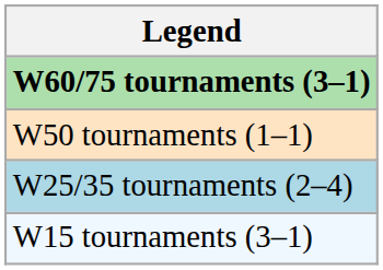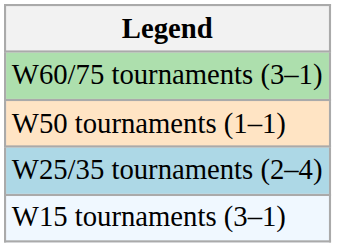 <table class=wikitable style="font-size:85%">
 <tr>
 <th>Legend</th>
 </tr>
 <tr style="background:#addfad;">
-<td><strong>W60/75 tournaments (3–1)</strong></td>
+<td>W60/75 tournaments (3–1)</td>
 </tr>
 <tr style="background:#ffe4c4;">
 <td>W50 tournaments (1–1)</td>
 </tr>
 <tr style="background:lightblue;">
 <td>W25/35 tournaments (2–4)</td>
 </tr>
 <tr style="background:#f0f8ff;">
 <td>W15 tournaments (3–1)</td>
 </tr>
 </table>
